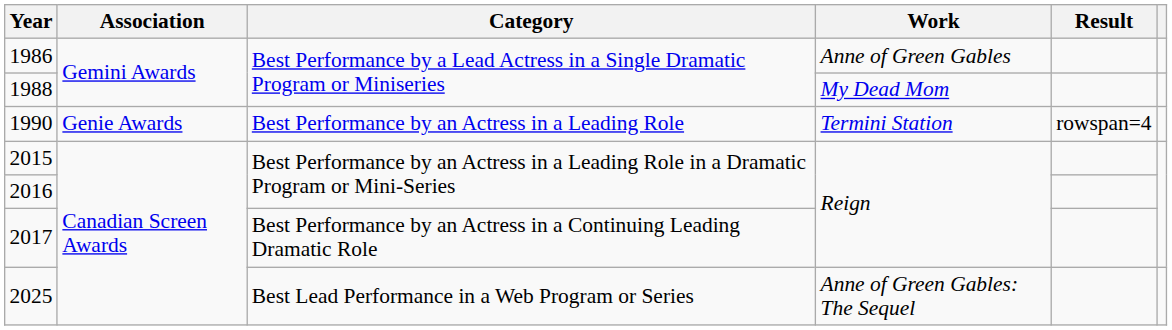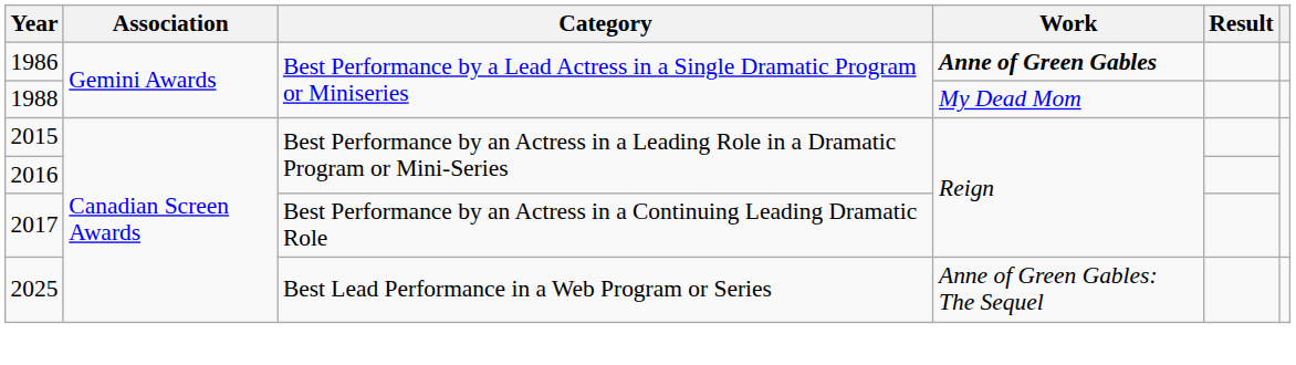 <table class="wikitable">
 <tr>
 <th>Year</th>
 <th>Association</th>
 <th>Category</th>
 <th>Work</th>
 <th>Result</th>
 <th></th>
 </tr>
 <tr>
 <td>1986</td>
 <td rowspan=2><a href='#'>Gemini Awards</a></td>
 <td rowspan=2><a href='#'>Best Performance by a Lead Actress in a Single Dramatic Program or Miniseries</a></td>
-<td><em>Anne of Green Gables</em></td>
+<td><strong><em>Anne of Green Gables</em></strong></td>
 <td></td>
 <td style="text-align:center;"></td>
 </tr>
 <tr>
 <td>1988</td>
 <td><em><a href='#'>My Dead Mom</a></em></td>
 <td></td>
-<td style="text-align:center;"></td>
-</tr>
-<tr>
-<td>1990</td>
-<td><a href='#'>Genie Awards</a></td>
-<td><a href='#'>Best Performance by an Actress in a Leading Role</a></td>
-<td><em><a href='#'>Termini Station</a></em></td>
-<td>rowspan=4  </td>
 <td style="text-align:center;"></td>
 </tr>
 <tr>
 <td>2015</td>
 <td rowspan=4><a href='#'>Canadian Screen Awards</a></td>
 <td rowspan=2>Best Performance by an Actress in a Leading Role in a Dramatic Program or Mini-Series</td>
 <td rowspan=3><em>Reign</em></td>
 <td style="text-align:center;"></td>
 </tr>
 <tr>
 <td>2016</td>
 <td style="text-align:center;"></td>
 </tr>
 <tr>
 <td>2017</td>
 <td>Best Performance by an Actress in a Continuing Leading Dramatic Role</td>
 <td style="text-align:center;"></td>
 </tr>
 <tr>
 <td>2025</td>
 <td>Best Lead Performance in a Web Program or Series</td>
 <td><em>Anne of Green Gables: The Sequel</em></td>
 <td></td>
 <td></td>
 </tr>
 </table>
